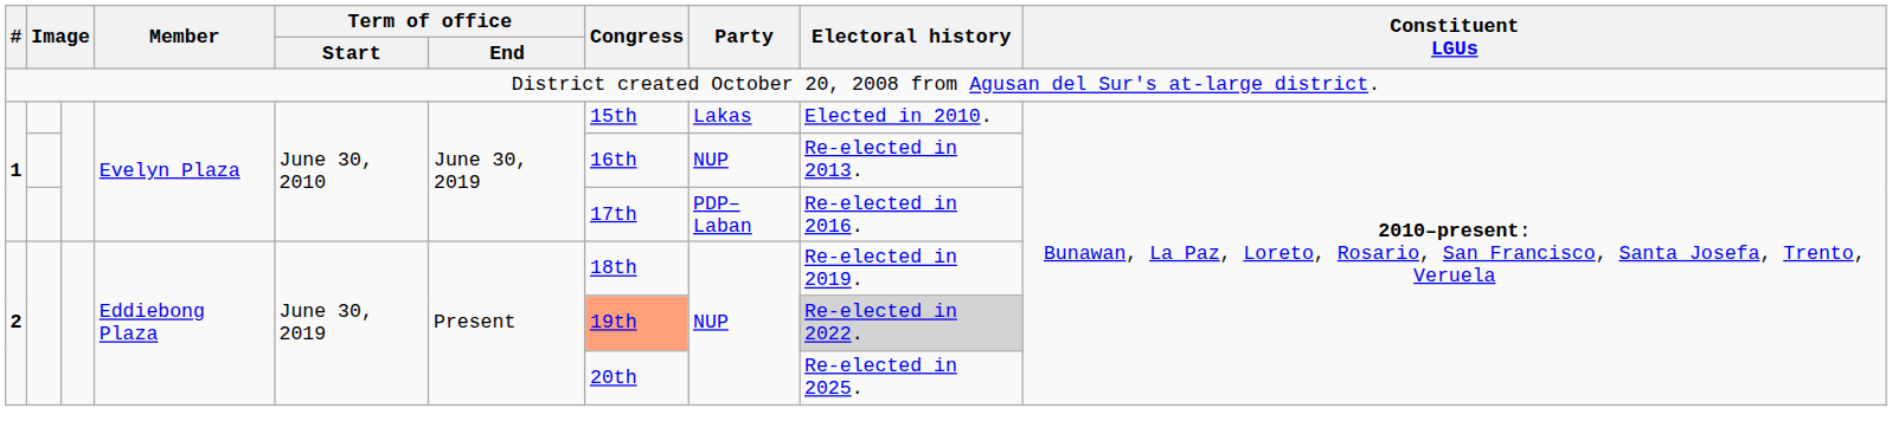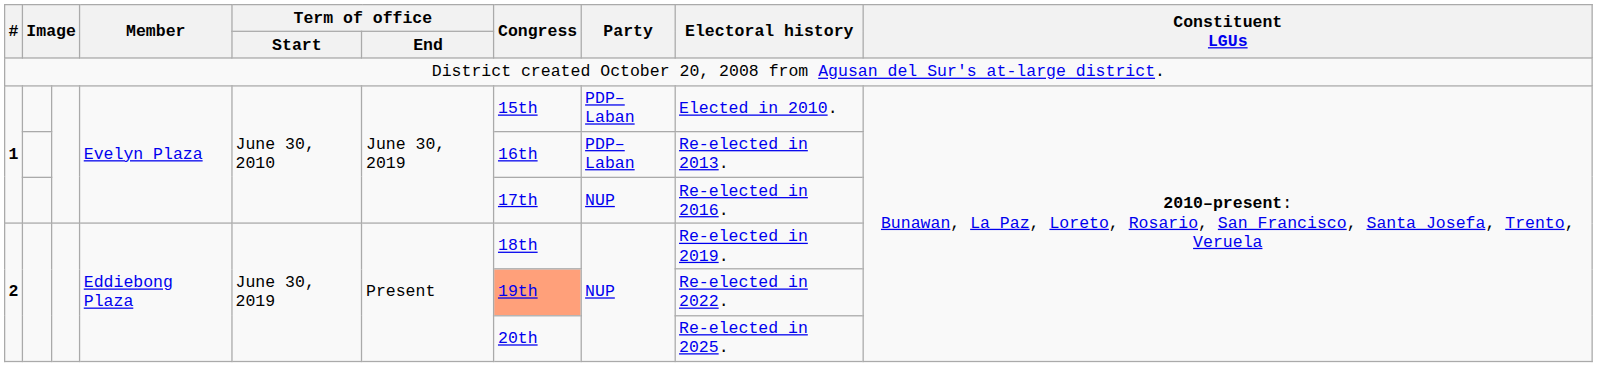 <table class="wikitable">
 <tr>
 <th rowspan="2">#</th>
 <th colspan="2" rowspan="2">Image</th>
 <th rowspan="2">Member</th>
 <th colspan="2">Term of office</th>
 <th rowspan="2">Congress</th>
 <th rowspan="2">Party</th>
 <th rowspan="2">Electoral history</th>
 <th rowspan="2">Constituent<br><a href='#'>LGUs</a></th>
 </tr>
 <tr>
 <th>Start</th>
 <th>End</th>
 </tr>
 <tr>
 <td colspan="10" style="text-align:center;">District created October 20, 2008 from <a href='#'>Agusan del Sur's at-large district</a>.</td>
 </tr>
 <tr>
 <td rowspan="3"><strong>1</strong></td>
 <td style="color:inherit;background:"></td>
 <td rowspan="3"></td>
 <td rowspan="3"><a href='#'>Evelyn Plaza</a></td>
 <td rowspan="3">June 30, 2010</td>
 <td rowspan="3">June 30, 2019</td>
 <td><a href='#'>15th</a></td>
-<td><a href='#'>Lakas</a></td>
+<td><a href='#'>PDP–Laban</a></td>
 <td><a href='#'>Elected in 2010</a>.</td>
 <td rowspan="6" align="center"><strong>2010–present</strong>:<br><a href='#'>Bunawan</a>, <a href='#'>La Paz</a>, <a href='#'>Loreto</a>, <a href='#'>Rosario</a>, <a href='#'>San Francisco</a>, <a href='#'>Santa Josefa</a>, <a href='#'>Trento</a>, <a href='#'>Veruela</a></td>
 </tr>
 <tr>
 <td style="color:inherit;background:"></td>
 <td><a href='#'>16th</a></td>
-<td><a href='#'>NUP</a></td>
+<td><a href='#'>PDP–Laban</a></td>
 <td><a href='#'>Re-elected in 2013</a>.</td>
 </tr>
 <tr>
 <td style="color:inherit;background:"></td>
 <td><a href='#'>17th</a></td>
-<td><a href='#'>PDP–Laban</a></td>
+<td><a href='#'>NUP</a></td>
 <td><a href='#'>Re-elected in 2016</a>.</td>
 </tr>
 <tr>
 <td rowspan="3"><strong>2</strong></td>
 <td rowspan="3" style="color:inherit;background:"></td>
 <td rowspan="3"></td>
 <td rowspan="3"><a href='#'>Eddiebong Plaza</a></td>
 <td rowspan="3">June 30, 2019</td>
 <td rowspan="3">Present</td>
 <td><a href='#'>18th</a></td>
 <td rowspan="3"><a href='#'>NUP</a></td>
 <td><a href='#'>Re-elected in 2019</a>.</td>
 </tr>
 <tr>
 <td style="background: lightsalmon;"><a href='#'>19th</a></td>
-<td style="background: lightgrey;"><a href='#'>Re-elected in 2022</a>.</td>
+<td><a href='#'>Re-elected in 2022</a>.</td>
 </tr>
 <tr>
 <td><a href='#'>20th</a></td>
 <td><a href='#'>Re-elected in 2025</a>.</td>
 </tr>
 </table>
